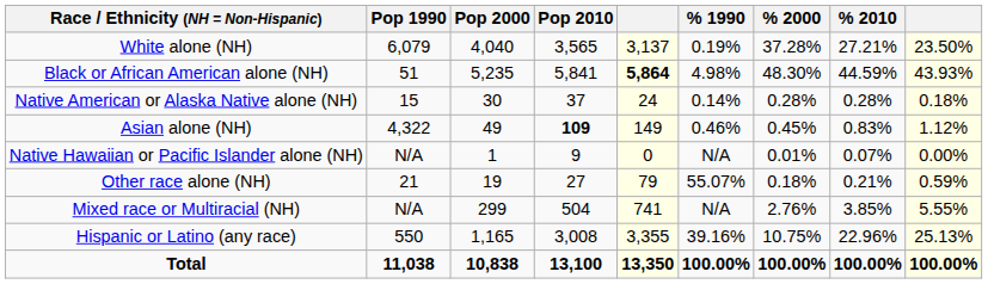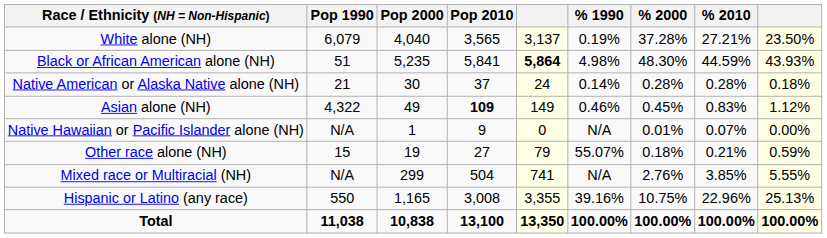 <table class="wikitable" style="text-align:center;">
 <tr>
 <th>Race / Ethnicity <small>(<em>NH = Non-Hispanic</em>)</small></th>
 <th>Pop 1990</th>
 <th>Pop 2000</th>
 <th>Pop 2010</th>
 <th></th>
 <th>% 1990</th>
 <th>% 2000</th>
 <th>% 2010</th>
 <th></th>
 </tr>
 <tr>
 <td><a href='#'>White</a> alone (NH)</td>
 <td>6,079</td>
 <td>4,040</td>
 <td>3,565</td>
 <td style='background: #ffffe6;'>3,137</td>
 <td>0.19%</td>
 <td>37.28%</td>
 <td>27.21%</td>
 <td style='background: #ffffe6;'>23.50%</td>
 </tr>
 <tr>
 <td><a href='#'>Black or African American</a> alone (NH)</td>
 <td>51</td>
 <td>5,235</td>
 <td>5,841</td>
 <td style='background: #ffffe6;'><strong>5,864</strong></td>
 <td>4.98%</td>
 <td>48.30%</td>
 <td>44.59%</td>
 <td style='background: #ffffe6;'>43.93%</td>
 </tr>
 <tr>
 <td><a href='#'>Native American</a> or <a href='#'>Alaska Native</a> alone (NH)</td>
-<td>15</td>
+<td>21</td>
 <td>30</td>
 <td>37</td>
 <td style='background: #ffffe6;'>24</td>
 <td>0.14%</td>
 <td>0.28%</td>
 <td>0.28%</td>
 <td style='background: #ffffe6;'>0.18%</td>
 </tr>
 <tr>
 <td><a href='#'>Asian</a> alone (NH)</td>
 <td>4,322</td>
 <td>49</td>
 <td><strong>109</strong></td>
 <td style='background: #ffffe6;'>149</td>
 <td>0.46%</td>
 <td>0.45%</td>
 <td>0.83%</td>
 <td style='background: #ffffe6;'>1.12%</td>
 </tr>
 <tr>
 <td><a href='#'>Native Hawaiian</a> or <a href='#'>Pacific Islander</a> alone (NH)</td>
 <td>N/A</td>
 <td>1</td>
 <td>9</td>
 <td style='background: #ffffe6;'>0</td>
 <td>N/A</td>
 <td>0.01%</td>
 <td>0.07%</td>
 <td style='background: #ffffe6;'>0.00%</td>
 </tr>
 <tr>
 <td><a href='#'>Other race</a> alone (NH)</td>
-<td>21</td>
+<td>15</td>
 <td>19</td>
 <td>27</td>
 <td style='background: #ffffe6;'>79</td>
 <td>55.07%</td>
 <td>0.18%</td>
 <td>0.21%</td>
 <td style='background: #ffffe6;'>0.59%</td>
 </tr>
 <tr>
 <td><a href='#'>Mixed race or Multiracial</a> (NH)</td>
 <td>N/A</td>
 <td>299</td>
 <td>504</td>
 <td style='background: #ffffe6;'>741</td>
 <td>N/A</td>
 <td>2.76%</td>
 <td>3.85%</td>
 <td style='background: #ffffe6;'>5.55%</td>
 </tr>
 <tr>
 <td><a href='#'>Hispanic or Latino</a> (any race)</td>
 <td>550</td>
 <td>1,165</td>
 <td>3,008</td>
 <td style='background: #ffffe6;'>3,355</td>
 <td>39.16%</td>
 <td>10.75%</td>
 <td>22.96%</td>
 <td style='background: #ffffe6;'>25.13%</td>
 </tr>
 <tr>
 <td><strong>Total</strong></td>
 <td><strong>11,038</strong></td>
 <td><strong>10,838</strong></td>
 <td><strong>13,100</strong></td>
 <td style='background: #ffffe6;'><strong>13,350</strong></td>
 <td><strong>100.00%</strong></td>
 <td><strong>100.00%</strong></td>
 <td><strong>100.00%</strong></td>
 <td style='background: #ffffe6;'><strong>100.00%</strong></td>
 </tr>
 </table>
